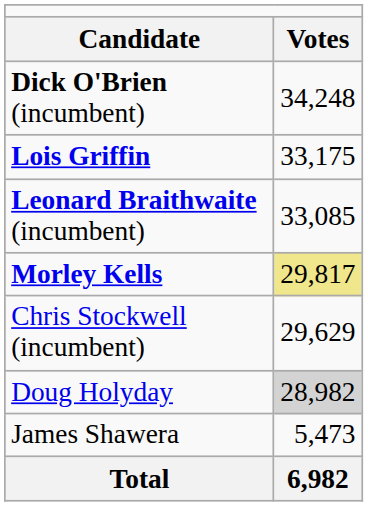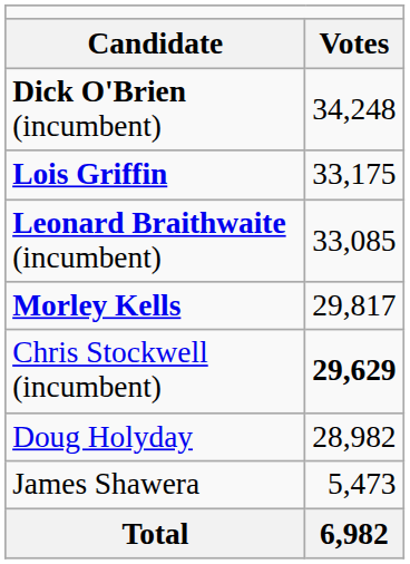 <table class="wikitable">
 <tr>
 <td Colspan="3" align="center"></td>
 </tr>
 <tr>
 <th bgcolor="#DDDDFF" width="150px">Candidate</th>
 <th bgcolor="#DDDDFF">Votes</th>
 </tr>
 <tr>
 <td><strong>Dick O'Brien</strong> (incumbent)</td>
 <td align=right>34,248</td>
 </tr>
 <tr>
 <td><strong><a href='#'>Lois Griffin</a></strong></td>
 <td align=right>33,175</td>
 </tr>
 <tr>
 <td><strong><a href='#'>Leonard Braithwaite</a></strong> (incumbent)</td>
 <td align=right>33,085</td>
 </tr>
 <tr>
 <td><strong><a href='#'>Morley Kells</a></strong></td>
-<td align=right style="background: khaki;">29,817</td>
+<td align=right>29,817</td>
 </tr>
 <tr>
 <td><a href='#'>Chris Stockwell</a>  (incumbent)</td>
-<td align=right>29,629</td>
+<td align=right><strong>29,629</strong></td>
 </tr>
 <tr>
 <td><a href='#'>Doug Holyday</a></td>
-<td align=right style="background: lightgrey;">28,982</td>
+<td align=right>28,982</td>
 </tr>
 <tr>
 <td>James Shawera</td>
 <td align=right>5,473</td>
 </tr>
 <tr>
 <th>Total</th>
 <th align=right>6,982</th>
 </tr>
 </table>
